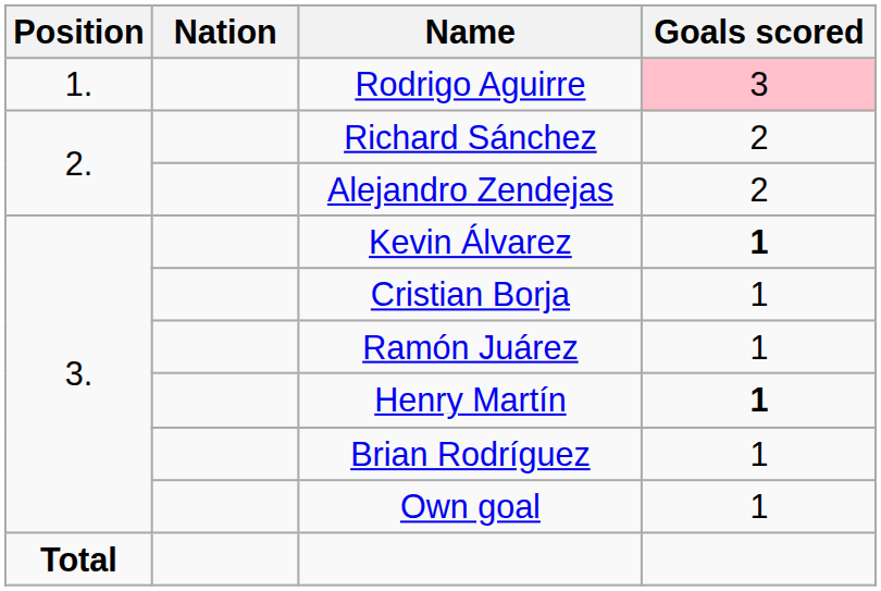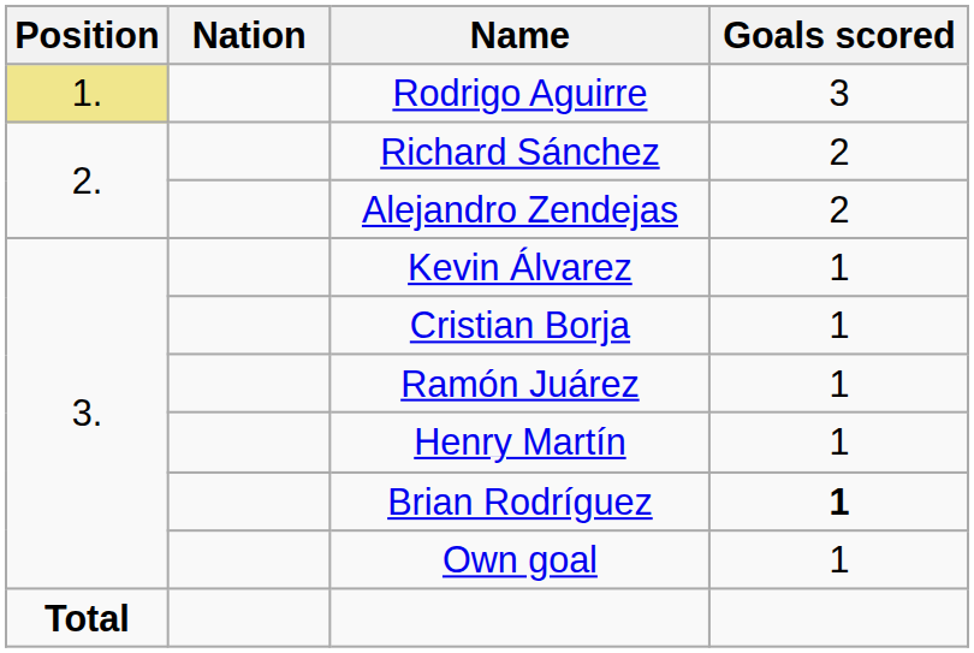 <table class="wikitable" style="font-size: 95%; text-align: center;">
 <tr>
 <th width="60">Position</th>
 <th width="60">Nation</th>
 <th width="150">Name</th>
 <th width="100">Goals scored</th>
 </tr>
 <tr>
-<td>1.</td>
+<td style="background: khaki;">1.</td>
 <td></td>
 <td><a href='#'>Rodrigo Aguirre</a></td>
-<td style="background: pink;">3</td>
+<td>3</td>
 </tr>
 <tr>
 <td rowspan="2">2.</td>
 <td></td>
 <td><a href='#'>Richard Sánchez</a></td>
 <td>2</td>
 </tr>
 <tr>
 <td></td>
 <td><a href='#'>Alejandro Zendejas</a></td>
 <td>2</td>
 </tr>
 <tr>
 <td rowspan="6">3.</td>
 <td></td>
 <td><a href='#'>Kevin Álvarez</a></td>
-<td><strong>1</strong></td>
+<td>1</td>
 </tr>
 <tr>
 <td></td>
 <td><a href='#'>Cristian Borja</a></td>
 <td>1</td>
 </tr>
 <tr>
 <td></td>
 <td><a href='#'>Ramón Juárez</a></td>
 <td>1</td>
 </tr>
 <tr>
 <td></td>
 <td><a href='#'>Henry Martín</a></td>
-<td><strong>1</strong></td>
+<td>1</td>
 </tr>
 <tr>
 <td></td>
 <td><a href='#'>Brian Rodríguez</a></td>
-<td>1</td>
+<td><strong>1</strong></td>
 </tr>
 <tr>
 <td></td>
 <td><a href='#'>Own goal</a></td>
 <td>1</td>
 </tr>
 <tr>
 <td><strong>Total</strong></td>
 <td></td>
 <td></td>
 <td></td>
 </tr>
 </table>
